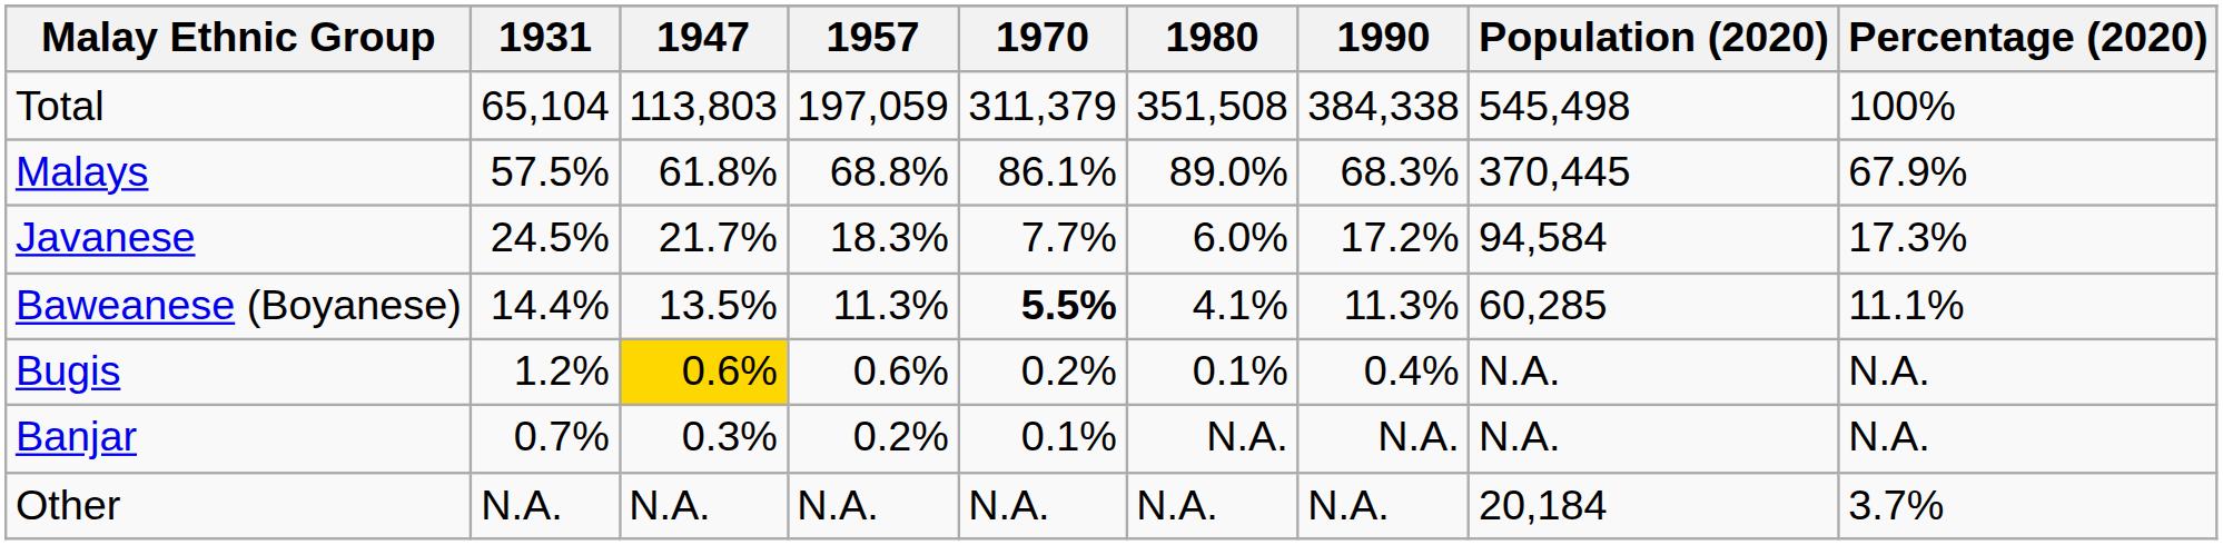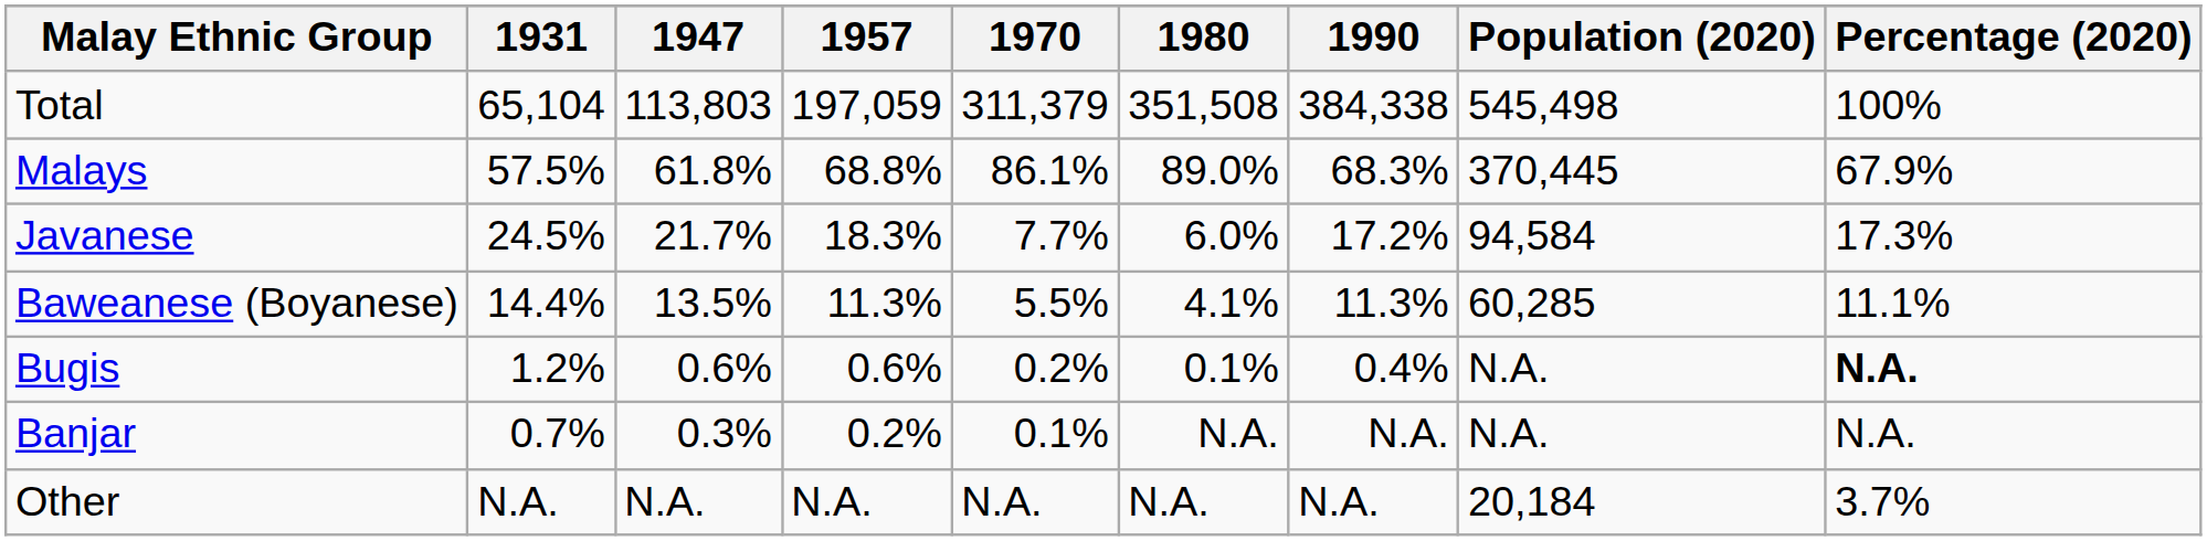 <table class="wikitable">
 <tr>
 </tr>
 <tr>
 <th>Malay Ethnic Group</th>
 <th>1931</th>
 <th>1947</th>
 <th>1957</th>
 <th>1970</th>
 <th>1980</th>
 <th>1990</th>
 <th>Population (2020)</th>
 <th>Percentage (2020)</th>
 </tr>
 <tr>
 <td>Total</td>
 <td align=right>65,104</td>
 <td align=right>113,803</td>
 <td align=right>197,059</td>
 <td align=right>311,379</td>
 <td align=right>351,508</td>
 <td align=right>384,338</td>
 <td>545,498</td>
 <td>100%</td>
 </tr>
 <tr>
 <td><a href='#'>Malays</a></td>
 <td align=right>57.5%</td>
 <td align=right>61.8%</td>
 <td align=right>68.8%</td>
 <td align=right>86.1%</td>
 <td align=right>89.0%</td>
 <td align=right>68.3%</td>
 <td>370,445</td>
 <td>67.9%</td>
 </tr>
 <tr>
 <td><a href='#'>Javanese</a></td>
 <td align=right>24.5%</td>
 <td align=right>21.7%</td>
 <td align=right>18.3%</td>
 <td align=right>7.7%</td>
 <td align=right>6.0%</td>
 <td align=right>17.2%</td>
 <td>94,584</td>
 <td>17.3%</td>
 </tr>
 <tr>
 <td><a href='#'>Baweanese</a> (Boyanese)</td>
 <td align=right>14.4%</td>
 <td align=right>13.5%</td>
 <td align=right>11.3%</td>
-<td align=right><strong>5.5%</strong></td>
+<td align=right>5.5%</td>
 <td align=right>4.1%</td>
 <td align=right>11.3%</td>
 <td>60,285</td>
 <td>11.1%</td>
 </tr>
 <tr>
 <td><a href='#'>Bugis</a></td>
 <td align=right>1.2%</td>
-<td align=right style="background: gold;">0.6%</td>
+<td align=right>0.6%</td>
 <td align=right>0.6%</td>
 <td align=right>0.2%</td>
 <td align=right>0.1%</td>
 <td align=right>0.4%</td>
 <td>N.A.</td>
-<td>N.A.</td>
+<td><strong>N.A.</strong></td>
 </tr>
 <tr>
 <td><a href='#'>Banjar</a></td>
 <td align=right>0.7%</td>
 <td align=right>0.3%</td>
 <td align=right>0.2%</td>
 <td align=right>0.1%</td>
 <td align=right>N.A.</td>
 <td align=right>N.A.</td>
 <td>N.A.</td>
 <td>N.A.</td>
 </tr>
 <tr>
 <td>Other</td>
 <td>N.A.</td>
 <td>N.A.</td>
 <td>N.A.</td>
 <td>N.A.</td>
 <td>N.A.</td>
 <td>N.A.</td>
 <td>20,184</td>
 <td>3.7%</td>
 </tr>
 </table>
